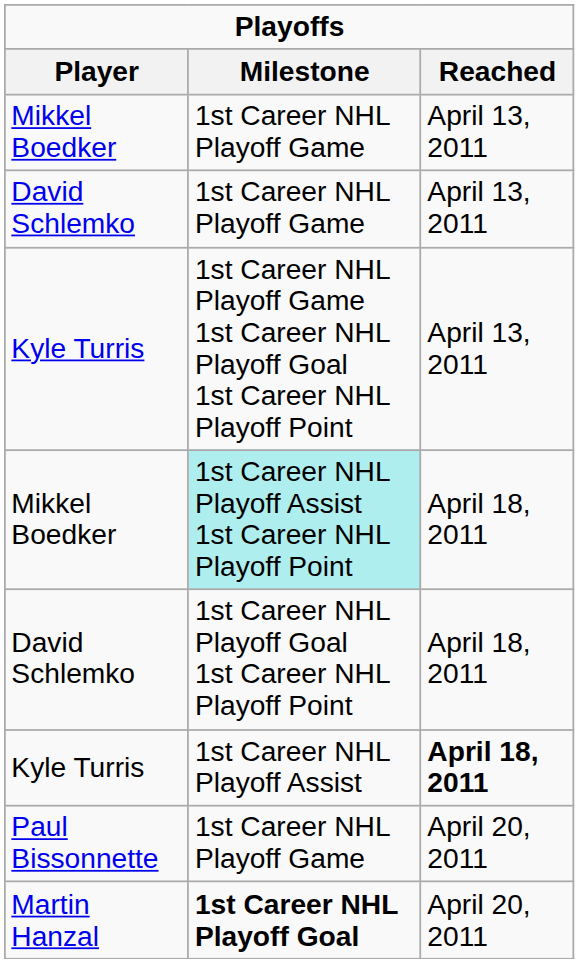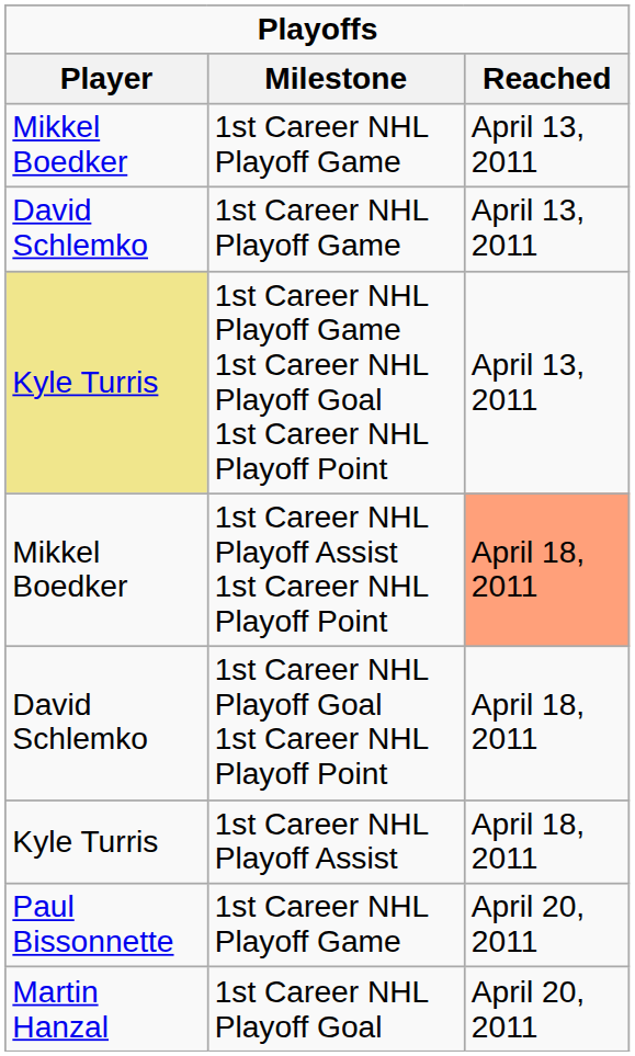 <table class="wikitable" width="52%">
 <tr>
 <td colspan="10" align="center"><strong>Playoffs</strong></td>
 </tr>
 <tr>
 <th>Player</th>
 <th>Milestone</th>
 <th>Reached</th>
 </tr>
 <tr>
 <td><a href='#'>Mikkel Boedker</a></td>
 <td>1st Career NHL Playoff Game</td>
 <td>April 13, 2011</td>
 </tr>
 <tr>
 <td><a href='#'>David Schlemko</a></td>
 <td>1st Career NHL Playoff Game</td>
 <td>April 13, 2011</td>
 </tr>
 <tr>
-<td><a href='#'>Kyle Turris</a></td>
+<td style="background: khaki;"><a href='#'>Kyle Turris</a></td>
 <td>1st Career NHL Playoff Game<br>1st Career NHL Playoff Goal<br>1st Career NHL Playoff Point</td>
 <td>April 13, 2011</td>
 </tr>
 <tr>
 <td>Mikkel Boedker</td>
-<td style="background: paleturquoise;">1st Career NHL Playoff Assist<br>1st Career NHL Playoff Point</td>
-<td>April 18, 2011</td>
+<td>1st Career NHL Playoff Assist<br>1st Career NHL Playoff Point</td>
+<td style="background: lightsalmon;">April 18, 2011</td>
 </tr>
 <tr>
 <td>David Schlemko</td>
 <td>1st Career NHL Playoff Goal<br>1st Career NHL Playoff Point</td>
 <td>April 18, 2011</td>
 </tr>
 <tr>
 <td>Kyle Turris</td>
 <td>1st Career NHL Playoff Assist</td>
-<td><strong>April 18, 2011</strong></td>
+<td>April 18, 2011</td>
 </tr>
 <tr>
 <td><a href='#'>Paul Bissonnette</a></td>
 <td>1st Career NHL Playoff Game</td>
 <td>April 20, 2011</td>
 </tr>
 <tr>
 <td><a href='#'>Martin Hanzal</a></td>
-<td><strong>1st Career NHL Playoff Goal</strong></td>
+<td>1st Career NHL Playoff Goal</td>
 <td>April 20, 2011</td>
 </tr>
 </table>
